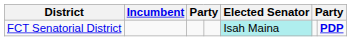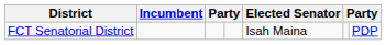 <table class="sortable wikitable" style="font-size:95%;line-height:14px;">
 <tr>
 <th class="unsortable">District</th>
 <th class="unsortable"><a href='#'>Incumbent</a></th>
 <th colspan="2">Party</th>
 <th class="unsortable">Elected Senator</th>
 <th colspan="2">Party</th>
 </tr>
 <tr>
 <td><a href='#'>FCT Senatorial District</a></td>
 <td></td>
 <td></td>
 <td></td>
-<td style="background: paleturquoise;">Isah Maina</td>
+<td>Isah Maina</td>
 <td style="background:"></td>
-<td><strong><a href='#'>PDP</a></strong></td>
+<td><a href='#'>PDP</a></td>
 </tr>
 </table>
